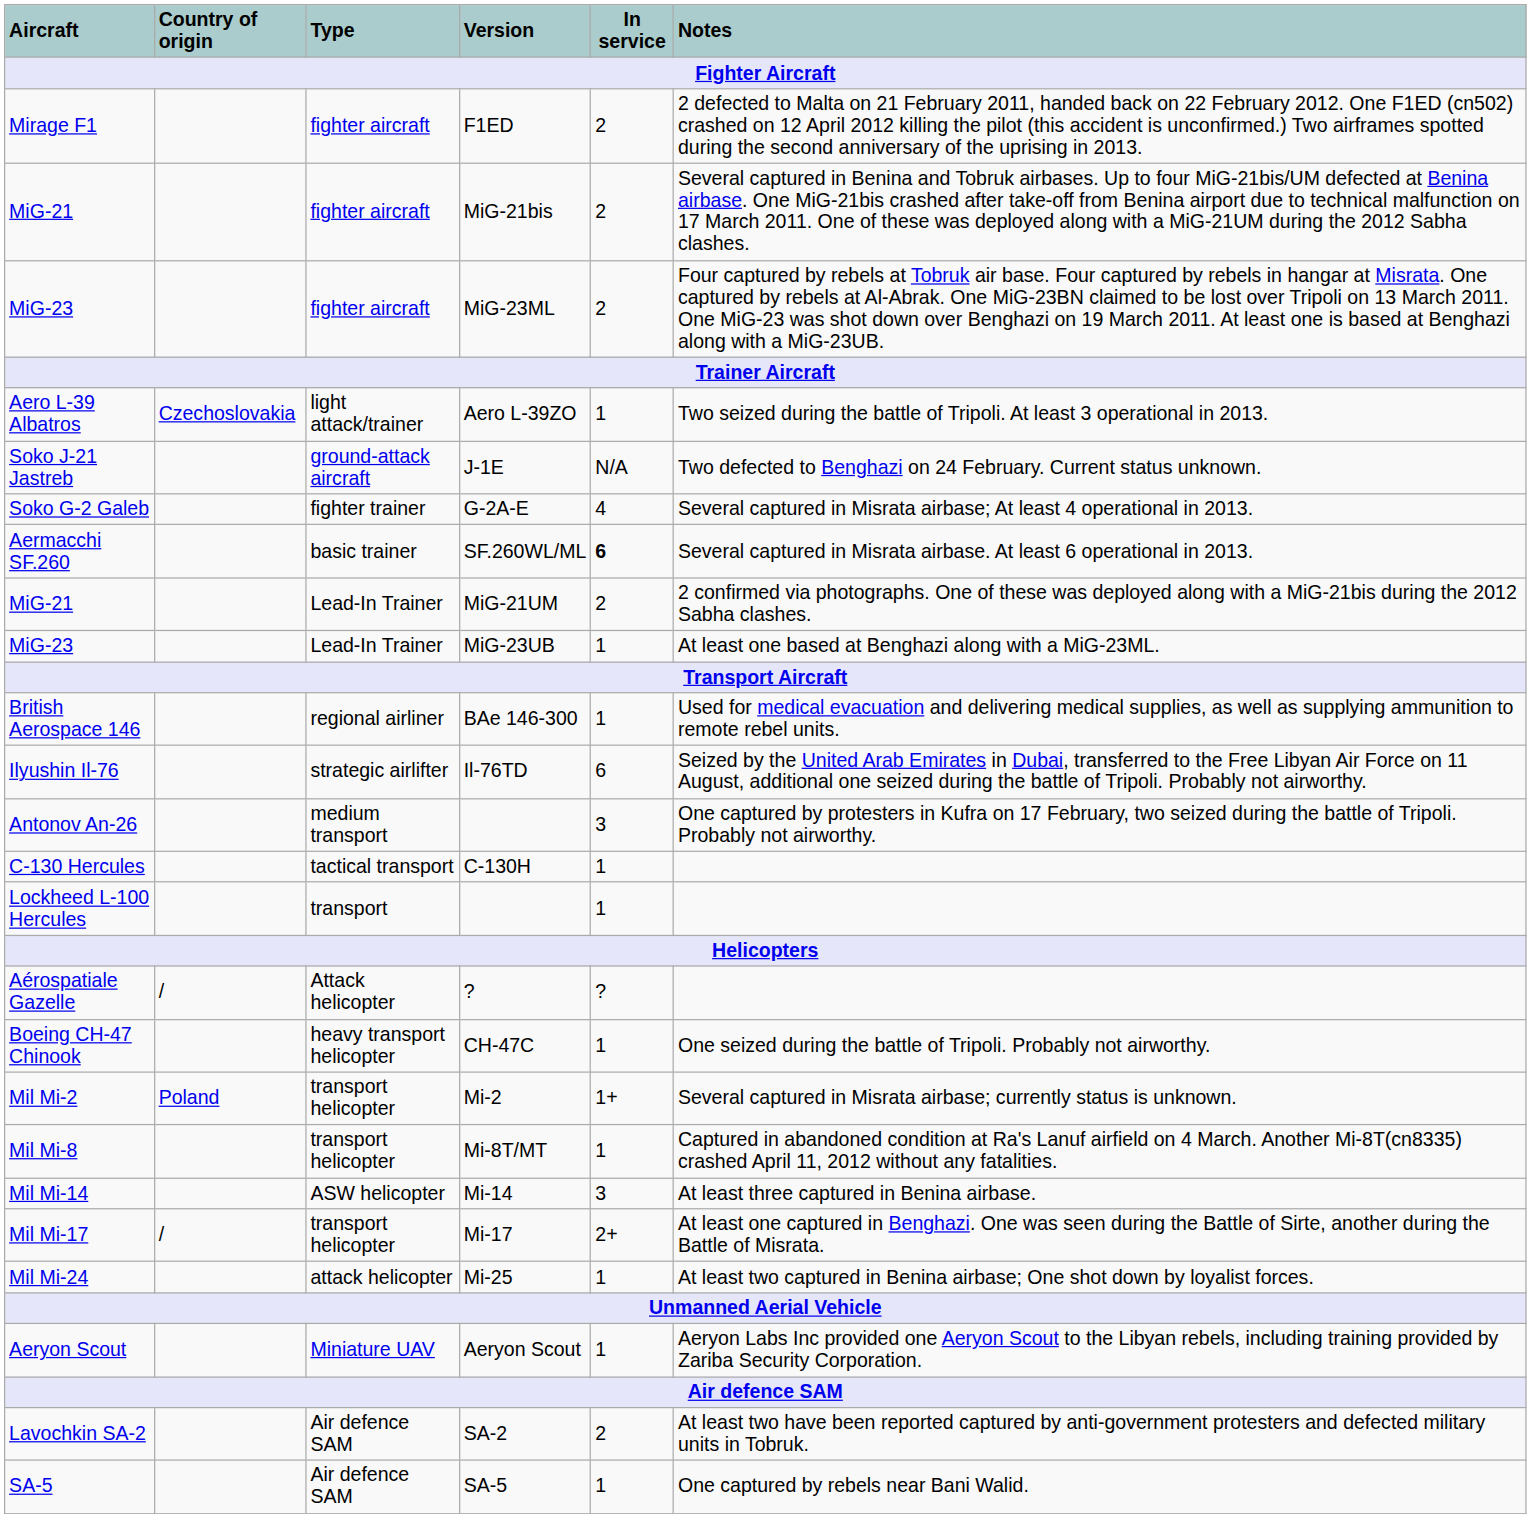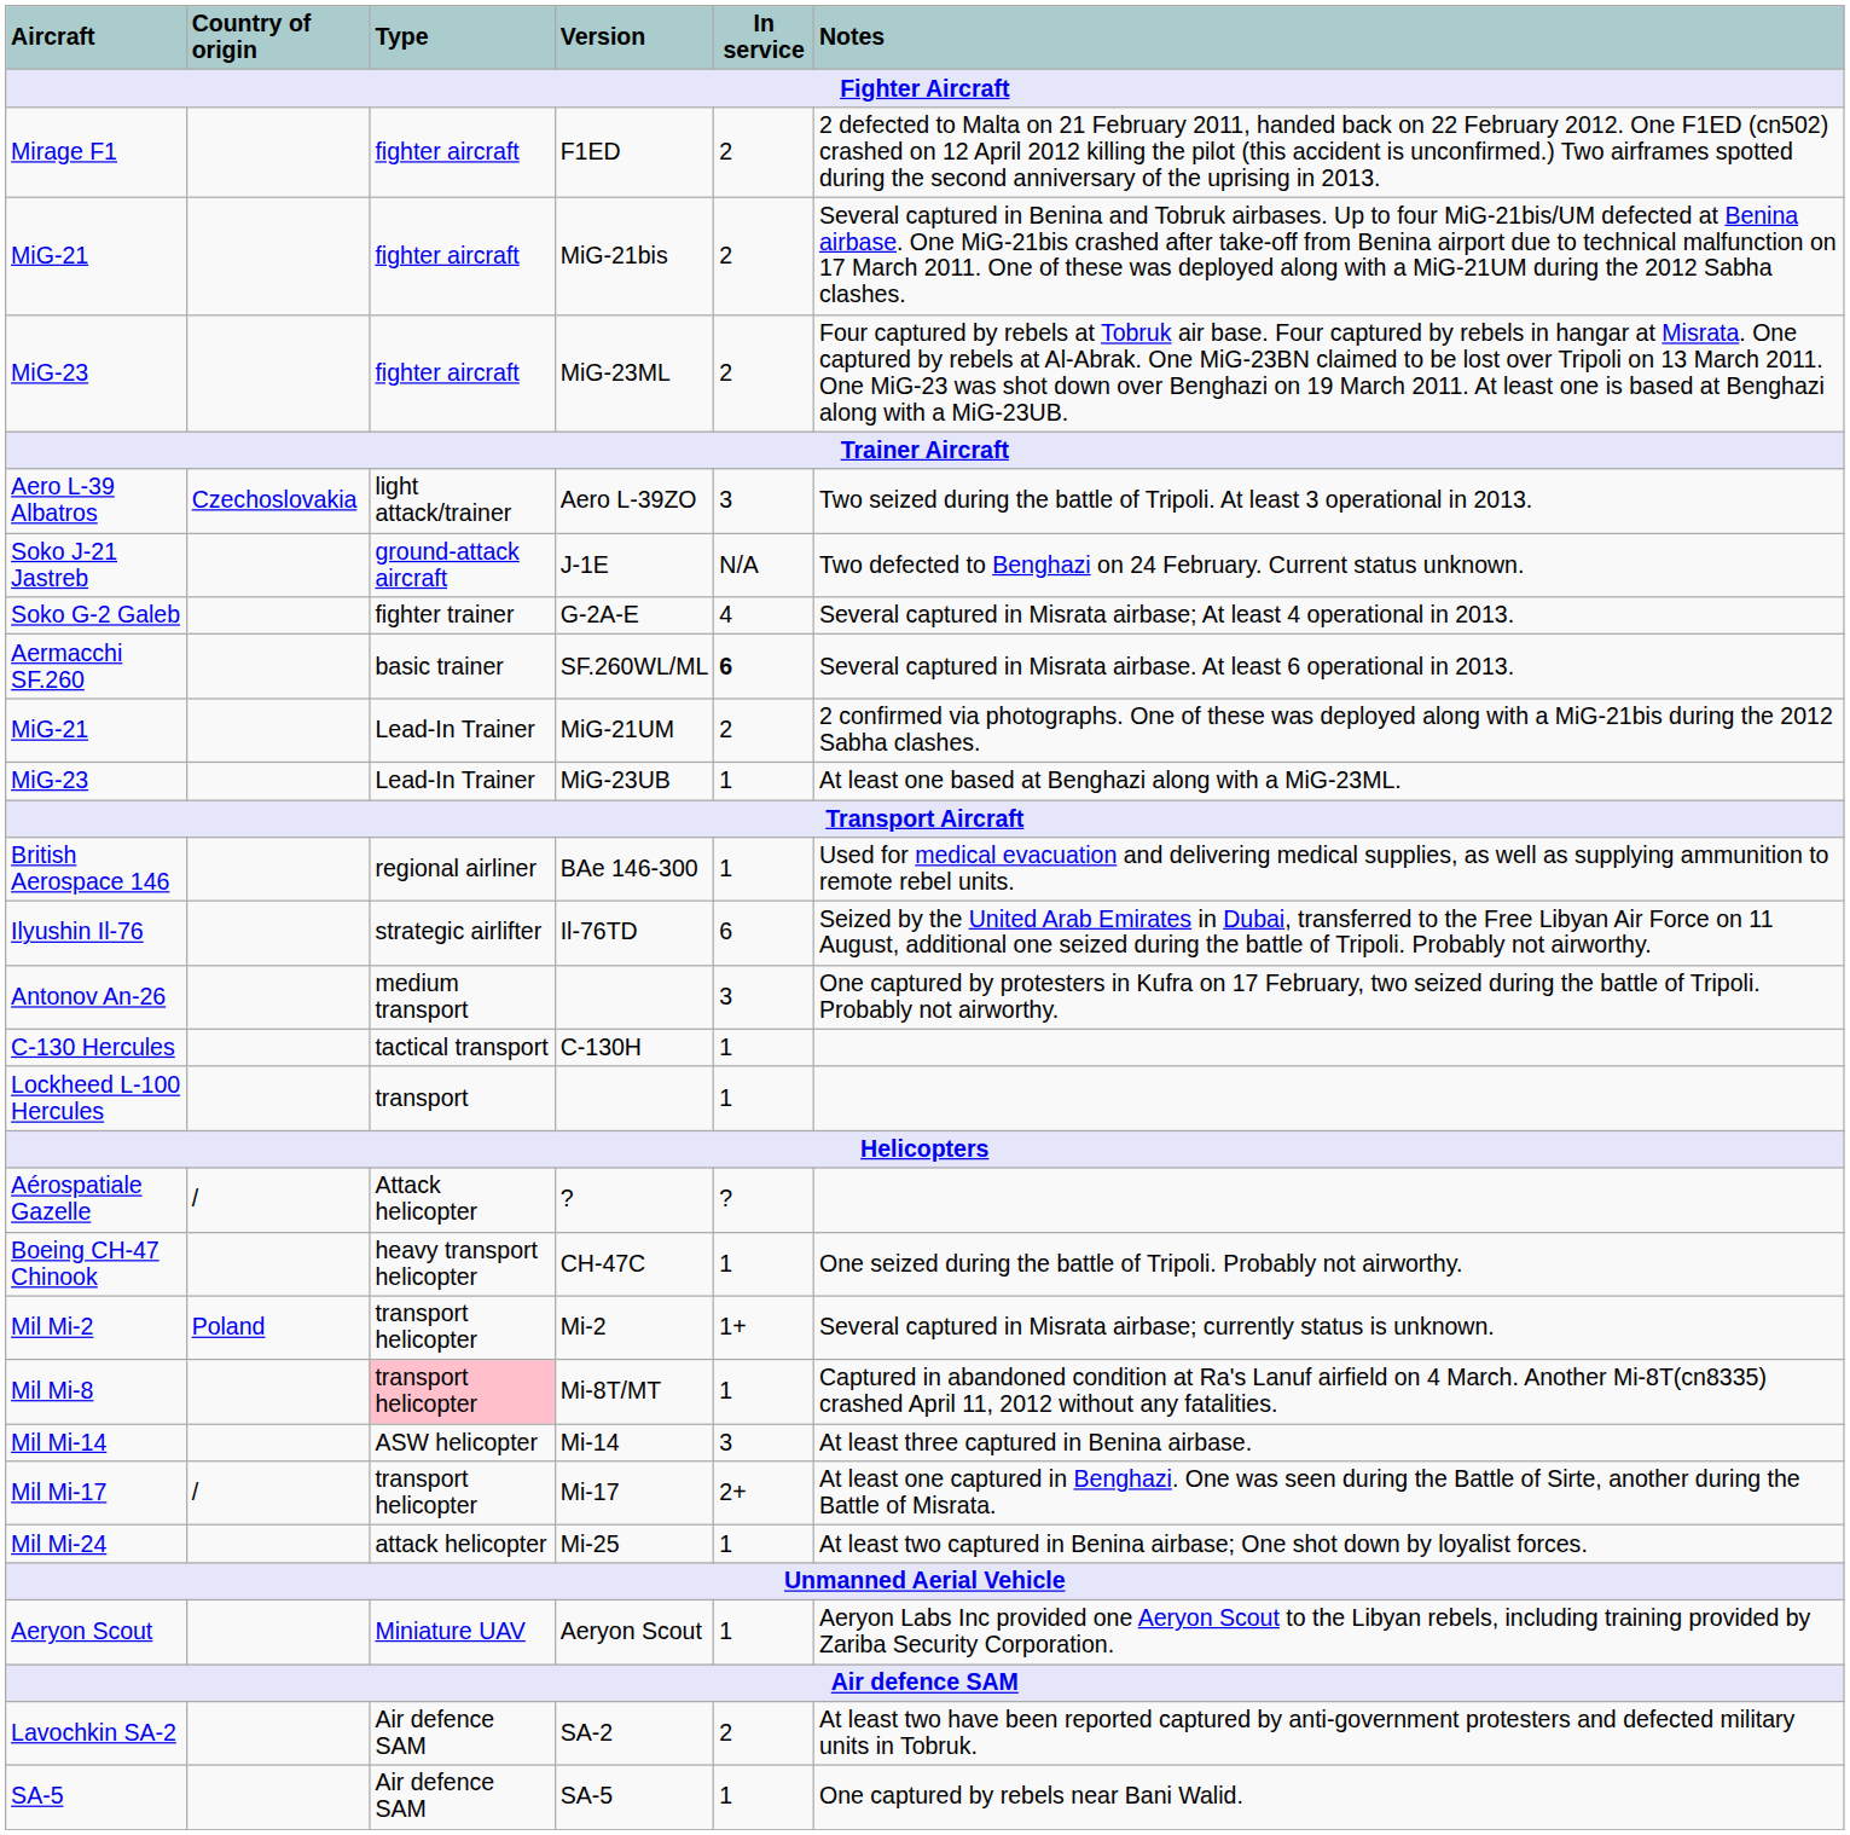 <table class="wikitable">
 <tr>
 <th style="text-align: left; background: #aacccc;">Aircraft</th>
 <th style="text-align: left; background: #aacccc;">Country of origin</th>
 <th style="text-align: left; background: #aacccc;">Type</th>
 <th style="text-align: left; background: #aacccc;">Version</th>
 <th style="text-align: center; background: #aacccc;">In service</th>
 <th style="text-align: left; background: #aacccc;">Notes</th>
 </tr>
 <tr ---->
 <th style="align: center; background: lavender;" colspan="6"><strong><a href='#'>Fighter Aircraft</a></strong></th>
 </tr>
 <tr ---->
 <td><a href='#'>Mirage F1</a></td>
 <td></td>
 <td><a href='#'>fighter aircraft</a></td>
 <td>F1ED</td>
 <td>2</td>
 <td>2 defected to Malta on 21 February 2011, handed back on 22 February 2012. One F1ED (cn502) crashed on 12 April 2012 killing the pilot (this accident is unconfirmed.) Two airframes spotted during the second anniversary of the uprising in 2013.</td>
 </tr>
 <tr ---->
 <td><a href='#'>MiG-21</a></td>
 <td></td>
 <td><a href='#'>fighter aircraft</a></td>
 <td>MiG‑21bis</td>
 <td>2</td>
 <td>Several captured in Benina and Tobruk airbases. Up to four MiG-21bis/UM defected at <a href='#'>Benina airbase</a>. One MiG-21bis crashed after take-off from Benina airport due to technical malfunction on 17 March 2011. One of these was deployed along with a MiG-21UM during the 2012 Sabha clashes.</td>
 </tr>
 <tr ---->
 <td><a href='#'>MiG-23</a></td>
 <td></td>
 <td><a href='#'>fighter aircraft</a></td>
 <td>MiG‑23ML</td>
 <td>2</td>
 <td>Four captured by rebels at <a href='#'>Tobruk</a> air base. Four captured by rebels in hangar at <a href='#'>Misrata</a>. One captured by rebels at Al-Abrak. One MiG-23BN claimed to be lost over Tripoli on 13 March 2011. One MiG-23 was shot down over Benghazi on 19 March 2011. At least one is based at Benghazi along with a MiG-23UB.</td>
 </tr>
 <tr ---->
 <th colspan="6" style="align: center; background: lavender;"><strong><a href='#'>Trainer Aircraft</a></strong></th>
 </tr>
 <tr ---->
 <td><a href='#'>Aero L-39 Albatros</a></td>
 <td> <a href='#'>Czechoslovakia</a></td>
 <td>light attack/trainer</td>
 <td>Aero L-39ZO</td>
-<td>1</td>
+<td>3</td>
 <td>Two seized during the battle of Tripoli. At least 3 operational in 2013.</td>
 </tr>
 <tr ---->
 <td><a href='#'>Soko J-21 Jastreb</a></td>
 <td></td>
 <td><a href='#'>ground-attack aircraft</a></td>
 <td>J-1E</td>
 <td>N/A</td>
 <td>Two defected to <a href='#'>Benghazi</a> on 24 February. Current status unknown.</td>
 </tr>
 <tr ---->
 <td><a href='#'>Soko G-2 Galeb</a></td>
 <td></td>
 <td>fighter trainer</td>
 <td>G-2A-E</td>
 <td>4</td>
 <td>Several captured in Misrata airbase; At least 4 operational in 2013.</td>
 </tr>
 <tr ---->
 <td><a href='#'>Aermacchi SF.260</a></td>
 <td></td>
 <td>basic trainer</td>
 <td>SF.260WL/ML</td>
 <td><strong>6</strong></td>
 <td>Several captured in Misrata airbase. At least 6 operational in 2013.</td>
 </tr>
 <tr ---->
 <td><a href='#'>MiG-21</a></td>
 <td></td>
 <td>Lead-In Trainer</td>
 <td>MiG-21UM</td>
 <td>2</td>
 <td>2 confirmed via photographs. One of these was deployed along with a MiG-21bis during the 2012 Sabha clashes.</td>
 </tr>
 <tr ---->
 <td><a href='#'>MiG-23</a></td>
 <td></td>
 <td>Lead-In Trainer</td>
 <td>MiG-23UB</td>
 <td>1</td>
 <td>At least one based at Benghazi along with a MiG-23ML.</td>
 </tr>
 <tr ---->
 <th style="align: center; background: lavender;" colspan="6"><strong><a href='#'>Transport Aircraft</a></strong></th>
 </tr>
 <tr ---->
 <td><a href='#'>British Aerospace 146</a></td>
 <td></td>
 <td>regional airliner</td>
 <td>BAe 146-300</td>
 <td>1</td>
 <td>Used for <a href='#'>medical evacuation</a> and delivering medical supplies, as well as supplying ammunition to remote rebel units.</td>
 </tr>
 <tr ---->
 <td><a href='#'>Ilyushin Il-76</a></td>
 <td></td>
 <td>strategic airlifter</td>
 <td>Il-76TD</td>
 <td>6</td>
 <td>Seized by the <a href='#'>United Arab Emirates</a> in <a href='#'>Dubai</a>, transferred to the Free Libyan Air Force on 11 August, additional one seized during the battle of Tripoli. Probably not airworthy.</td>
 </tr>
 <tr ---->
 <td><a href='#'>Antonov An-26</a></td>
 <td></td>
 <td>medium transport</td>
 <td></td>
 <td>3</td>
 <td>One captured by protesters in Kufra on 17 February, two seized during the battle of Tripoli. Probably not airworthy.</td>
 </tr>
 <tr ---->
 <td><a href='#'>C-130 Hercules</a></td>
 <td></td>
 <td>tactical transport</td>
 <td>C-130H</td>
 <td>1</td>
 <td></td>
 </tr>
 <tr ---->
 <td><a href='#'>Lockheed L-100 Hercules</a></td>
 <td></td>
 <td>transport</td>
 <td></td>
 <td>1</td>
 <td></td>
 </tr>
 <tr ---->
 <th style="align: center; background: lavender;" colspan="6"><strong><a href='#'>Helicopters</a></strong></th>
 </tr>
 <tr ---->
 <td><a href='#'>Aérospatiale Gazelle</a></td>
 <td> /<br></td>
 <td>Attack helicopter</td>
 <td>?</td>
 <td>?</td>
 <td></td>
 </tr>
 <tr ---->
 <td><a href='#'>Boeing CH-47 Chinook</a></td>
 <td></td>
 <td>heavy transport helicopter</td>
 <td>CH-47C</td>
 <td>1</td>
 <td>One seized during the battle of Tripoli. Probably not airworthy.</td>
 </tr>
 <tr ---->
 <td><a href='#'>Mil Mi-2</a></td>
 <td> <a href='#'>Poland</a></td>
 <td>transport helicopter</td>
 <td>Mi-2</td>
 <td>1+</td>
 <td>Several captured in Misrata airbase; currently status is unknown.</td>
 </tr>
 <tr ---->
 <td><a href='#'>Mil Mi-8</a></td>
 <td></td>
-<td>transport helicopter</td>
+<td style="background: pink;">transport helicopter</td>
 <td>Mi-8T/MT</td>
 <td>1</td>
 <td>Captured in abandoned condition at Ra's Lanuf airfield on 4 March. Another Mi-8T(cn8335) crashed April 11, 2012 without any fatalities.</td>
 </tr>
 <tr ---->
 <td><a href='#'>Mil Mi-14</a></td>
 <td></td>
 <td>ASW helicopter</td>
 <td>Mi-14</td>
 <td>3</td>
 <td>At least three captured in Benina airbase.</td>
 </tr>
 <tr ---->
 <td><a href='#'>Mil Mi-17</a></td>
 <td>/</td>
 <td>transport helicopter</td>
 <td>Mi-17</td>
 <td>2+</td>
 <td>At least one captured in <a href='#'>Benghazi</a>. One was seen during the Battle of Sirte, another during the Battle of Misrata.</td>
 </tr>
 <tr ---->
 <td><a href='#'>Mil Mi-24</a></td>
 <td></td>
 <td>attack helicopter</td>
 <td>Mi-25</td>
 <td>1</td>
 <td>At least two captured in Benina airbase; One shot down by loyalist forces.</td>
 </tr>
 <tr ---->
 <th style="align: center; background: lavender;" colspan="6"><strong><a href='#'>Unmanned Aerial Vehicle</a></strong></th>
 </tr>
 <tr ---->
 <td><a href='#'>Aeryon Scout</a></td>
 <td></td>
 <td><a href='#'>Miniature UAV</a></td>
 <td>Aeryon Scout</td>
 <td>1 </td>
 <td>Aeryon Labs Inc provided one <a href='#'>Aeryon Scout</a> to the Libyan rebels, including training provided by Zariba Security Corporation.</td>
 </tr>
 <tr ---->
 <th style="align: center; background: lavender;" colspan="6"><strong><a href='#'>Air defence SAM</a></strong></th>
 </tr>
 <tr ---->
 <td><a href='#'>Lavochkin SA-2</a></td>
 <td></td>
 <td>Air defence SAM</td>
 <td>SA-2</td>
 <td>2</td>
 <td>At least two have been reported captured by anti-government protesters and defected military units in Tobruk.</td>
 </tr>
 <tr ---->
 <td><a href='#'>SA-5</a></td>
 <td></td>
 <td>Air defence SAM</td>
 <td>SA-5</td>
 <td>1</td>
 <td>One captured by rebels near Bani Walid.</td>
 </tr>
 </table>
